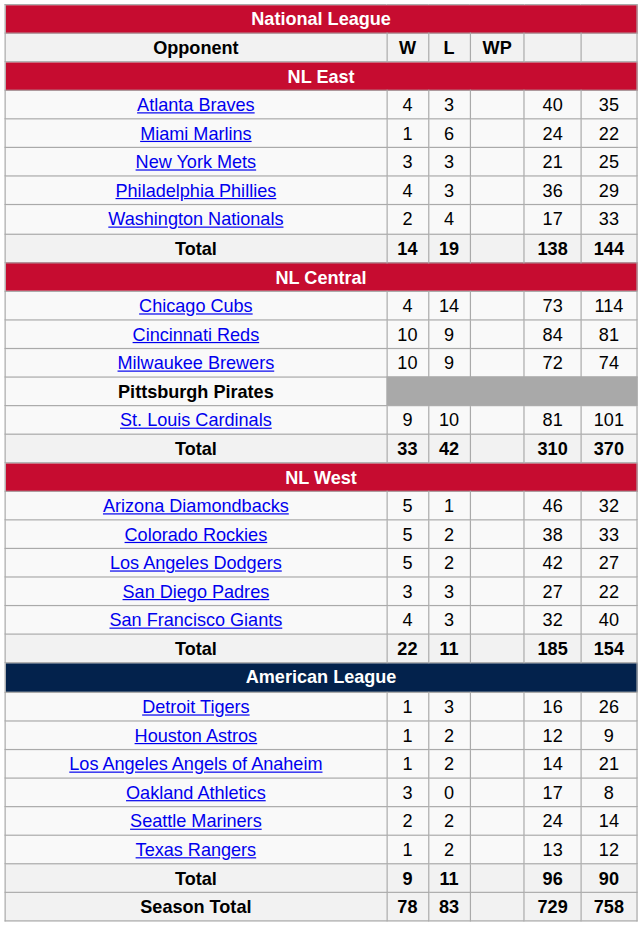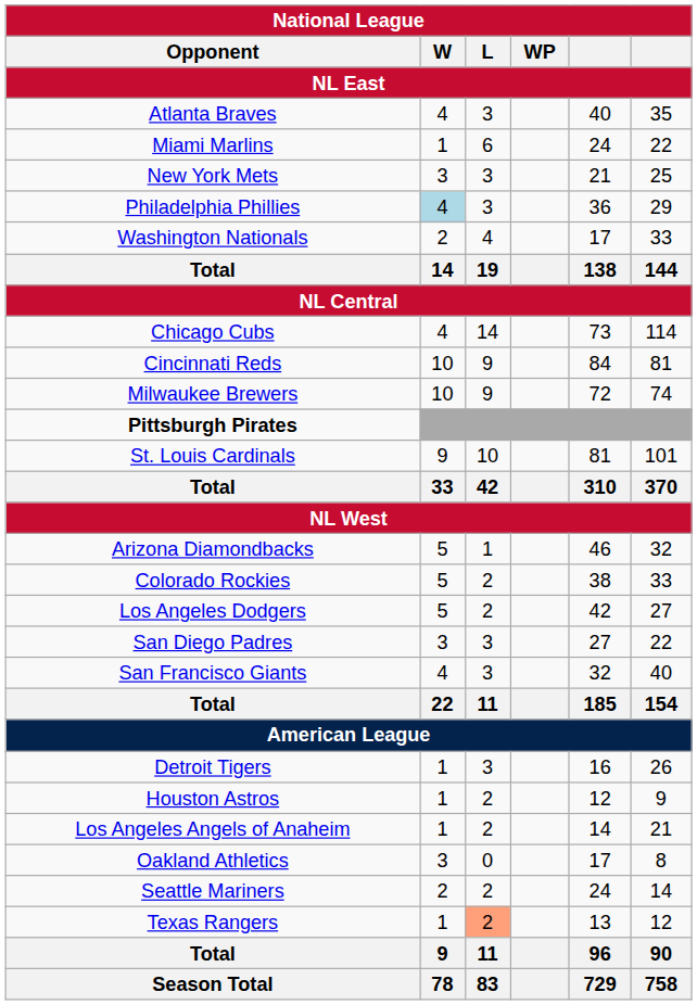 <table class="wikitable" style="font-size:95%; text-align:center; width:35em;margin:0.5em auto;">
 <tr>
 <th colspan="7" style="background:#c60c30; color:#ffffff;">National League</th>
 </tr>
 <tr>
 <th>Opponent</th>
 <th>W</th>
 <th>L</th>
 <th>WP</th>
 <th></th>
 <th></th>
 </tr>
 <tr>
 <th colspan="7" style="background:#c60c30; color:#ffffff;">NL East</th>
 </tr>
 <tr>
 <td><a href='#'>Atlanta Braves</a></td>
 <td>4</td>
 <td>3</td>
 <td></td>
 <td>40</td>
 <td>35</td>
 </tr>
 <tr>
 <td><a href='#'>Miami Marlins</a></td>
 <td>1</td>
 <td>6</td>
 <td></td>
 <td>24</td>
 <td>22</td>
 </tr>
 <tr>
 <td><a href='#'>New York Mets</a></td>
 <td>3</td>
 <td>3</td>
 <td></td>
 <td>21</td>
 <td>25</td>
 </tr>
 <tr>
 <td><a href='#'>Philadelphia Phillies</a></td>
-<td>4</td>
+<td style="background: lightblue;">4</td>
 <td>3</td>
 <td></td>
 <td>36</td>
 <td>29</td>
 </tr>
 <tr>
 <td><a href='#'>Washington Nationals</a></td>
 <td>2</td>
 <td>4</td>
 <td></td>
 <td>17</td>
 <td>33</td>
 </tr>
 <tr>
 <th>Total</th>
 <th>14</th>
 <th>19</th>
 <th></th>
 <th>138</th>
 <th>144</th>
 </tr>
 <tr>
 <th colspan="7" style="background:#c60c30; color:#ffffff;">NL Central</th>
 </tr>
 <tr>
 <td><a href='#'>Chicago Cubs</a></td>
 <td>4</td>
 <td>14</td>
 <td></td>
 <td>73</td>
 <td>114</td>
 </tr>
 <tr>
 <td><a href='#'>Cincinnati Reds</a></td>
 <td>10</td>
 <td>9</td>
 <td></td>
 <td>84</td>
 <td>81</td>
 </tr>
 <tr>
 <td><a href='#'>Milwaukee Brewers</a></td>
 <td>10</td>
 <td>9</td>
 <td></td>
 <td>72</td>
 <td>74</td>
 </tr>
 <tr>
 <td><strong>Pittsburgh Pirates</strong></td>
 <td colspan=5 style="background:darkgray;"></td>
 </tr>
 <tr>
 <td><a href='#'>St. Louis Cardinals</a></td>
 <td>9</td>
 <td>10</td>
 <td></td>
 <td>81</td>
 <td>101</td>
 </tr>
 <tr>
 <th>Total</th>
 <th>33</th>
 <th>42</th>
 <th></th>
 <th>310</th>
 <th>370</th>
 </tr>
 <tr>
 <th colspan="7" style="background:#c60c30; color:#ffffff;">NL West</th>
 </tr>
 <tr>
 <td><a href='#'>Arizona Diamondbacks</a></td>
 <td>5</td>
 <td>1</td>
 <td></td>
 <td>46</td>
 <td>32</td>
 </tr>
 <tr>
 <td><a href='#'>Colorado Rockies</a></td>
 <td>5</td>
 <td>2</td>
 <td></td>
 <td>38</td>
 <td>33</td>
 </tr>
 <tr>
 <td><a href='#'>Los Angeles Dodgers</a></td>
 <td>5</td>
 <td>2</td>
 <td></td>
 <td>42</td>
 <td>27</td>
 </tr>
 <tr>
 <td><a href='#'>San Diego Padres</a></td>
 <td>3</td>
 <td>3</td>
 <td></td>
 <td>27</td>
 <td>22</td>
 </tr>
 <tr>
 <td><a href='#'>San Francisco Giants</a></td>
 <td>4</td>
 <td>3</td>
 <td></td>
 <td>32</td>
 <td>40</td>
 </tr>
 <tr>
 <th>Total</th>
 <th>22</th>
 <th>11</th>
 <th></th>
 <th>185</th>
 <th>154</th>
 </tr>
 <tr>
 <th colspan="7" style="background:#03224c; color:#ffffff;">American League</th>
 </tr>
 <tr>
 <td><a href='#'>Detroit Tigers</a></td>
 <td>1</td>
 <td>3</td>
 <td></td>
 <td>16</td>
 <td>26</td>
 </tr>
 <tr>
 <td><a href='#'>Houston Astros</a></td>
 <td>1</td>
 <td>2</td>
 <td></td>
 <td>12</td>
 <td>9</td>
 </tr>
 <tr>
 <td><a href='#'>Los Angeles Angels of Anaheim</a></td>
 <td>1</td>
 <td>2</td>
 <td></td>
 <td>14</td>
 <td>21</td>
 </tr>
 <tr>
 <td><a href='#'>Oakland Athletics</a></td>
 <td>3</td>
 <td>0</td>
 <td></td>
 <td>17</td>
 <td>8</td>
 </tr>
 <tr>
 <td><a href='#'>Seattle Mariners</a></td>
 <td>2</td>
 <td>2</td>
 <td></td>
 <td>24</td>
 <td>14</td>
 </tr>
 <tr>
 <td><a href='#'>Texas Rangers</a></td>
 <td>1</td>
-<td>2</td>
+<td style="background: lightsalmon;">2</td>
 <td></td>
 <td>13</td>
 <td>12</td>
 </tr>
 <tr>
 <th>Total</th>
 <th>9</th>
 <th>11</th>
 <th></th>
 <th>96</th>
 <th>90</th>
 </tr>
 <tr>
 <th>Season Total</th>
 <th>78</th>
 <th>83</th>
 <th></th>
 <th>729</th>
 <th>758</th>
 </tr>
 </table>
